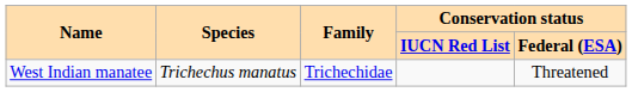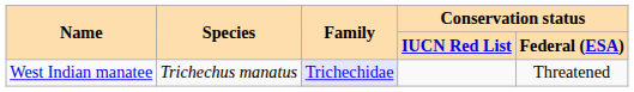 <table class="wikitable" style="margin:1em auto; text-align:center;">
 <tr>
 <th rowspan="2" style="background:navajowhite">Name</th>
 <th rowspan="2" style="background:navajowhite">Species</th>
 <th rowspan="2" style="background:navajowhite">Family</th>
 <th colspan="2" style="background:navajowhite">Conservation status</th>
 </tr>
 <tr>
 <th style="background:navajowhite"><a href='#'>IUCN Red List</a></th>
 <th style="background:navajowhite">Federal (<a href='#'>ESA</a>)</th>
 </tr>
 <tr>
 <td><a href='#'>West Indian manatee</a></td>
 <td><em>Trichechus manatus</em></td>
-<td><a href='#'>Trichechidae</a></td>
+<td style="background: lavender;"><a href='#'>Trichechidae</a></td>
 <td></td>
 <td>Threatened</td>
 </tr>
 </table>
